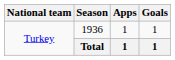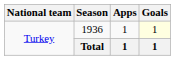 <table class="wikitable" style="text-align: center;">
 <tr>
 <th>National team</th>
 <th>Season</th>
 <th>Apps</th>
 <th>Goals</th>
 </tr>
 <tr>
 <td rowspan="2"><a href='#'>Turkey</a></td>
 <td>1936</td>
 <td>1</td>
-<td>1</td>
+<td style="background: lightyellow;">1</td>
 </tr>
 <tr>
 <th colspan="1">Total</th>
 <th>1</th>
 <th>1</th>
 </tr>
 </table>
